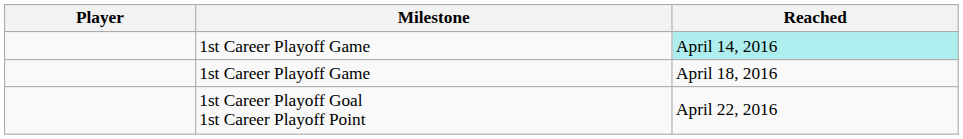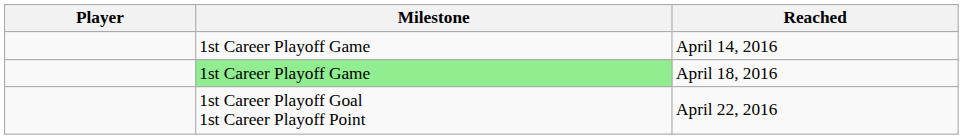 <table class="wikitable sortable" style="width:100%;">
 <tr align=center>
 <th style="width:20%;">Player</th>
 <th style="width:50%;">Milestone</th>
 <th style="width:30%;" data-sort-type="date">Reached</th>
 </tr>
 <tr>
 <td></td>
 <td>1st Career Playoff Game</td>
-<td style="background: paleturquoise;">April 14, 2016</td>
+<td>April 14, 2016</td>
 </tr>
 <tr>
 <td></td>
-<td>1st Career Playoff Game</td>
+<td style="background: lightgreen;">1st Career Playoff Game</td>
 <td>April 18, 2016</td>
 </tr>
 <tr>
 <td></td>
 <td>1st Career Playoff Goal<br>1st Career Playoff Point</td>
 <td>April 22, 2016</td>
 </tr>
 </table>
